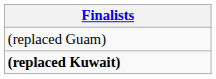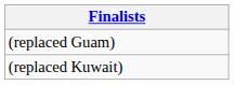 <table class="wikitable">
 <tr>
 <th width=220><a href='#'>Finalists</a></th>
 </tr>
 <tr>
 <td> (replaced Guam)</td>
 </tr>
 <tr>
-<td><strong> (replaced Kuwait)</strong></td>
+<td> (replaced Kuwait)</td>
 </tr>
 </table>
